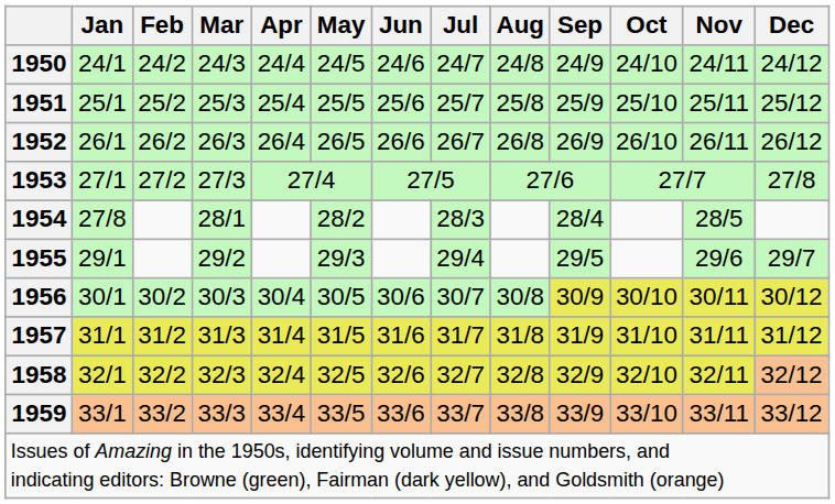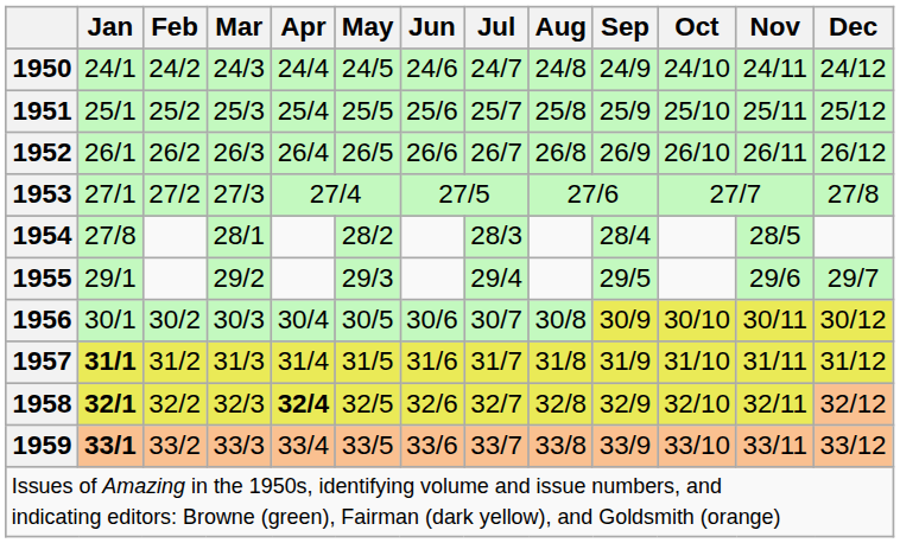 <table class="wikitable" style="font-size: 10pt; line-height: 11pt; margin-left: 2em; text-align: center; float: right">
 <tr>
 <th></th>
 <th>Jan</th>
 <th>Feb</th>
 <th>Mar</th>
 <th>Apr</th>
 <th>May</th>
 <th>Jun</th>
 <th>Jul</th>
 <th>Aug</th>
 <th>Sep</th>
 <th>Oct</th>
 <th>Nov</th>
 <th>Dec</th>
 </tr>
 <tr>
 <th>1950</th>
 <td bgcolor=#c3f9bf>24/1</td>
 <td bgcolor=#c3f9bf>24/2</td>
 <td bgcolor=#c3f9bf>24/3</td>
 <td bgcolor=#c3f9bf>24/4</td>
 <td bgcolor=#c3f9bf>24/5</td>
 <td bgcolor=#c3f9bf>24/6</td>
 <td bgcolor=#c3f9bf>24/7</td>
 <td bgcolor=#c3f9bf>24/8</td>
 <td bgcolor=#c3f9bf>24/9</td>
 <td bgcolor=#c3f9bf>24/10</td>
 <td bgcolor=#c3f9bf>24/11</td>
 <td bgcolor=#c3f9bf>24/12</td>
 </tr>
 <tr>
 <th>1951</th>
 <td bgcolor=#c3f9bf>25/1</td>
 <td bgcolor=#c3f9bf>25/2</td>
 <td bgcolor=#c3f9bf>25/3</td>
 <td bgcolor=#c3f9bf>25/4</td>
 <td bgcolor=#c3f9bf>25/5</td>
 <td bgcolor=#c3f9bf>25/6</td>
 <td bgcolor=#c3f9bf>25/7</td>
 <td bgcolor=#c3f9bf>25/8</td>
 <td bgcolor=#c3f9bf>25/9</td>
 <td bgcolor=#c3f9bf>25/10</td>
 <td bgcolor=#c3f9bf>25/11</td>
 <td bgcolor=#c3f9bf>25/12</td>
 </tr>
 <tr>
 <th>1952</th>
 <td bgcolor=#c3f9bf>26/1</td>
 <td bgcolor=#c3f9bf>26/2</td>
 <td bgcolor=#c3f9bf>26/3</td>
 <td bgcolor=#c3f9bf>26/4</td>
 <td bgcolor=#c3f9bf>26/5</td>
 <td bgcolor=#c3f9bf>26/6</td>
 <td bgcolor=#c3f9bf>26/7</td>
 <td bgcolor=#c3f9bf>26/8</td>
 <td bgcolor=#c3f9bf>26/9</td>
 <td bgcolor=#c3f9bf>26/10</td>
 <td bgcolor=#c3f9bf>26/11</td>
 <td bgcolor=#c3f9bf>26/12</td>
 </tr>
 <tr>
 <th>1953</th>
 <td bgcolor=#c3f9bf>27/1</td>
 <td bgcolor=#c3f9bf>27/2</td>
 <td bgcolor=#c3f9bf>27/3</td>
 <td colspan="2" bgcolor=#c3f9bf>27/4</td>
 <td colspan="2" bgcolor=#c3f9bf>27/5</td>
 <td colspan="2" bgcolor=#c3f9bf>27/6</td>
 <td colspan="2" bgcolor=#c3f9bf>27/7</td>
 <td bgcolor=#c3f9bf>27/8</td>
 </tr>
 <tr>
 <th>1954</th>
 <td bgcolor=#c3f9bf>27/8</td>
 <td></td>
 <td bgcolor=#c3f9bf>28/1</td>
 <td></td>
 <td bgcolor=#c3f9bf>28/2</td>
 <td></td>
 <td bgcolor=#c3f9bf>28/3</td>
 <td></td>
 <td bgcolor=#c3f9bf>28/4</td>
 <td></td>
 <td bgcolor=#c3f9bf>28/5</td>
 <td></td>
 </tr>
 <tr>
 <th>1955</th>
 <td bgcolor=#c3f9bf>29/1</td>
 <td></td>
 <td bgcolor=#c3f9bf>29/2</td>
 <td></td>
 <td bgcolor=#c3f9bf>29/3</td>
 <td></td>
 <td bgcolor=#c3f9bf>29/4</td>
 <td></td>
 <td bgcolor=#c3f9bf>29/5</td>
 <td></td>
 <td bgcolor=#c3f9bf>29/6</td>
 <td bgcolor=#c3f9bf>29/7</td>
 </tr>
 <tr>
 <th>1956</th>
 <td bgcolor=#c3f9bf>30/1</td>
 <td bgcolor=#c3f9bf>30/2</td>
 <td bgcolor=#c3f9bf>30/3</td>
 <td bgcolor=#c3f9bf>30/4</td>
 <td bgcolor=#c3f9bf>30/5</td>
 <td bgcolor=#c3f9bf>30/6</td>
 <td bgcolor=#c3f9bf>30/7</td>
 <td bgcolor=#c3f9bf>30/8</td>
 <td bgcolor=#eaea57>30/9</td>
 <td bgcolor=#eaea57>30/10</td>
 <td bgcolor=#eaea57>30/11</td>
 <td bgcolor=#eaea57>30/12</td>
 </tr>
 <tr>
 <th>1957</th>
-<td bgcolor=#eaea57>31/1</td>
+<td bgcolor=#eaea57><strong>31/1</strong></td>
 <td bgcolor=#eaea57>31/2</td>
 <td bgcolor=#eaea57>31/3</td>
 <td bgcolor=#eaea57>31/4</td>
 <td bgcolor=#eaea57>31/5</td>
 <td bgcolor=#eaea57>31/6</td>
 <td bgcolor=#eaea57>31/7</td>
 <td bgcolor=#eaea57>31/8</td>
 <td bgcolor=#eaea57>31/9</td>
 <td bgcolor=#eaea57>31/10</td>
 <td bgcolor=#eaea57>31/11</td>
 <td bgcolor=#eaea57>31/12</td>
 </tr>
 <tr>
 <th>1958</th>
-<td bgcolor=#eaea57>32/1</td>
+<td bgcolor=#eaea57><strong>32/1</strong></td>
 <td bgcolor=#eaea57>32/2</td>
 <td bgcolor=#eaea57>32/3</td>
-<td bgcolor=#eaea57>32/4</td>
+<td bgcolor=#eaea57><strong>32/4</strong></td>
 <td bgcolor=#eaea57>32/5</td>
 <td bgcolor=#eaea57>32/6</td>
 <td bgcolor=#eaea57>32/7</td>
 <td bgcolor=#eaea57>32/8</td>
 <td bgcolor=#eaea57>32/9</td>
 <td bgcolor=#eaea57>32/10</td>
 <td bgcolor=#eaea57>32/11</td>
 <td bgcolor=#fac090>32/12</td>
 </tr>
 <tr>
 <th>1959</th>
-<td bgcolor=#fac090>33/1</td>
+<td bgcolor=#fac090><strong>33/1</strong></td>
 <td bgcolor=#fac090>33/2</td>
 <td bgcolor=#fac090>33/3</td>
 <td bgcolor=#fac090>33/4</td>
 <td bgcolor=#fac090>33/5</td>
 <td bgcolor=#fac090>33/6</td>
 <td bgcolor=#fac090>33/7</td>
 <td bgcolor=#fac090>33/8</td>
 <td bgcolor=#fac090>33/9</td>
 <td bgcolor=#fac090>33/10</td>
 <td bgcolor=#fac090>33/11</td>
 <td bgcolor=#fac090>33/12</td>
 </tr>
 <tr>
 <td colspan="13" style="font-size: 8pt; text-align:left">Issues of <em>Amazing</em> in the 1950s, identifying volume and issue numbers, and<br>indicating editors: Browne (green), Fairman (dark yellow), and Goldsmith (orange)</td>
 </tr>
 </table>
